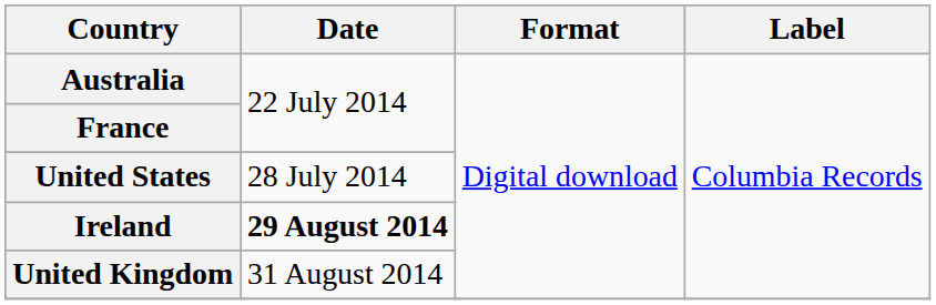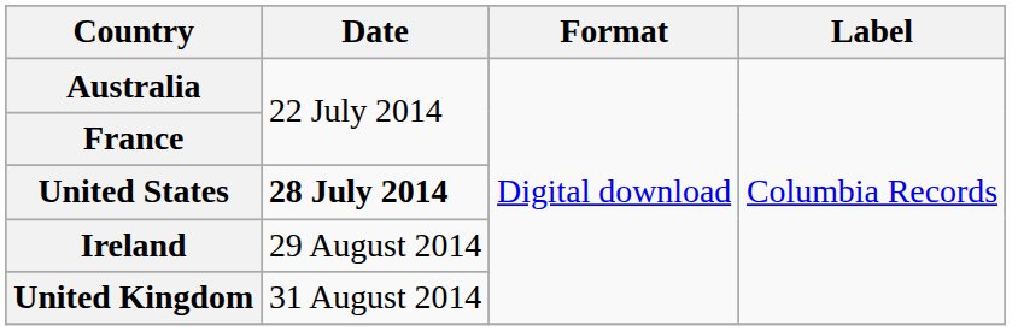 <table class="wikitable plainrowheaders">
 <tr>
 <th scope="col">Country</th>
 <th scope="col">Date</th>
 <th scope="col">Format</th>
 <th scope="col">Label</th>
 </tr>
 <tr>
 <th scope="row">Australia</th>
 <td rowspan="2">22 July 2014</td>
 <td rowspan="5"><a href='#'>Digital download</a></td>
 <td rowspan="5"><a href='#'>Columbia Records</a></td>
 </tr>
 <tr>
 <th scope="row">France</th>
 </tr>
 <tr>
 <th scope="row">United States</th>
-<td>28 July 2014</td>
+<td><strong>28 July 2014</strong></td>
 </tr>
 <tr>
 <th scope="row">Ireland</th>
-<td><strong>29 August 2014</strong></td>
+<td>29 August 2014</td>
 </tr>
 <tr>
 <th scope="row">United Kingdom</th>
 <td>31 August 2014</td>
 </tr>
 <tr>
 </tr>
 </table>
